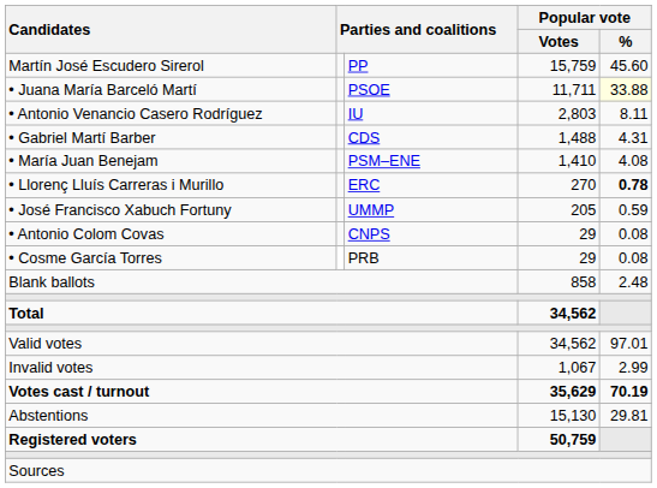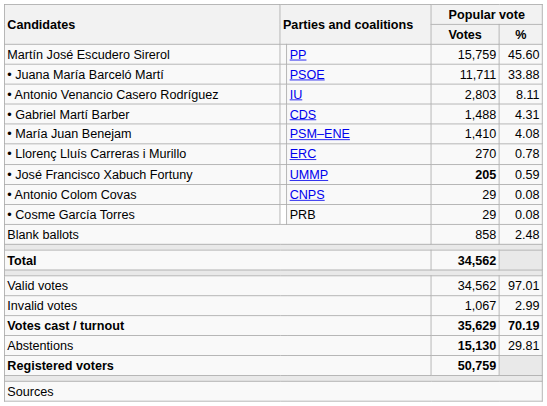 <table class="wikitable" style="text-align:right; font-size:95%;">
 <tr>
 <th style="text-align:left;" rowspan="2" width="325">Candidates</th>
 <th style="text-align:left;" rowspan="2" colspan="2" width="175">Parties and coalitions</th>
 <th colspan="2">Popular vote</th>
 </tr>
 <tr>
 <th width="75">Votes</th>
 <th width="45">%</th>
 </tr>
 <tr>
 <td align="left"> Martín José Escudero Sirerol</td>
 <td width="1" style="color:inherit;background:"></td>
 <td align="left"><a href='#'>PP</a></td>
 <td>15,759</td>
 <td>45.60</td>
 </tr>
 <tr>
 <td align="left">• Juana María Barceló Martí</td>
 <td style="color:inherit;background:"></td>
 <td align="left"><a href='#'>PSOE</a></td>
 <td>11,711</td>
-<td style="background: lightyellow;">33.88</td>
+<td>33.88</td>
 </tr>
 <tr>
 <td align="left">• Antonio Venancio Casero Rodríguez</td>
 <td style="color:inherit;background:"></td>
 <td align="left"><a href='#'>IU</a></td>
 <td>2,803</td>
 <td>8.11</td>
 </tr>
 <tr>
 <td align="left">• Gabriel Martí Barber</td>
 <td style="color:inherit;background:"></td>
 <td align="left"><a href='#'>CDS</a></td>
 <td>1,488</td>
 <td>4.31</td>
 </tr>
 <tr>
 <td align="left">• María Juan Benejam</td>
 <td style="color:inherit;background:"></td>
 <td align="left"><a href='#'>PSM–ENE</a></td>
 <td>1,410</td>
 <td>4.08</td>
 </tr>
 <tr>
 <td align="left">• Llorenç Lluís Carreras i Murillo</td>
 <td style="color:inherit;background:"></td>
 <td align="left"><a href='#'>ERC</a></td>
 <td>270</td>
-<td><strong>0.78</strong></td>
+<td>0.78</td>
 </tr>
 <tr>
 <td align="left">• José Francisco Xabuch Fortuny</td>
 <td style="color:inherit;background:"></td>
 <td align="left"><a href='#'>UMMP</a></td>
-<td>205</td>
+<td><strong>205</strong></td>
 <td>0.59</td>
 </tr>
 <tr>
 <td align="left">• Antonio Colom Covas</td>
 <td style="color:inherit;background:"></td>
 <td align="left"><a href='#'>CNPS</a></td>
 <td>29</td>
 <td>0.08</td>
 </tr>
 <tr>
 <td align="left">• Cosme García Torres</td>
 <td bgcolor="white"></td>
 <td align="left">PRB</td>
 <td>29</td>
 <td>0.08</td>
 </tr>
 <tr>
 <td align="left" colspan="3">Blank ballots</td>
 <td>858</td>
 <td>2.48</td>
 </tr>
 <tr>
 <td colspan="5" bgcolor="#E9E9E9"></td>
 </tr>
 <tr style="font-weight:bold;">
 <td align="left" colspan="3">Total</td>
 <td>34,562</td>
 <td bgcolor="#E9E9E9"></td>
 </tr>
 <tr>
 <td colspan="5" bgcolor="#E9E9E9"></td>
 </tr>
 <tr>
 <td align="left" colspan="3">Valid votes</td>
 <td>34,562</td>
 <td>97.01</td>
 </tr>
 <tr>
 <td align="left" colspan="3">Invalid votes</td>
 <td>1,067</td>
 <td>2.99</td>
 </tr>
 <tr style="font-weight:bold;">
 <td align="left" colspan="3">Votes cast / turnout</td>
 <td>35,629</td>
 <td>70.19</td>
 </tr>
 <tr>
 <td align="left" colspan="3">Abstentions</td>
-<td>15,130</td>
+<td><strong>15,130</strong></td>
 <td>29.81</td>
 </tr>
 <tr style="font-weight:bold;">
 <td align="left" colspan="3">Registered voters</td>
 <td>50,759</td>
 <td bgcolor="#E9E9E9"></td>
 </tr>
 <tr>
 <td colspan="5" bgcolor="#E9E9E9"></td>
 </tr>
 <tr>
 <td align="left" colspan="5">Sources</td>
 </tr>
 </table>
